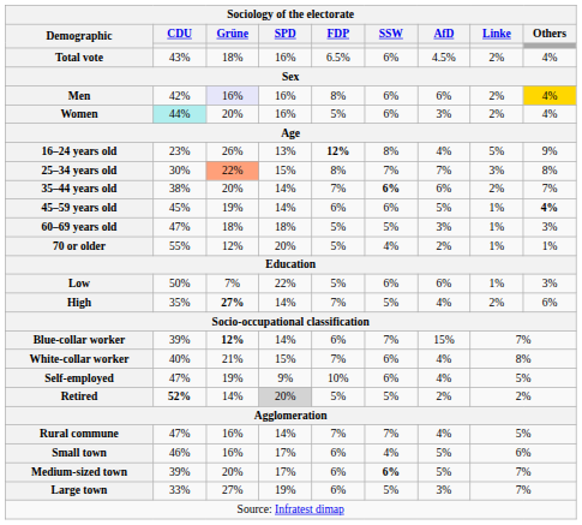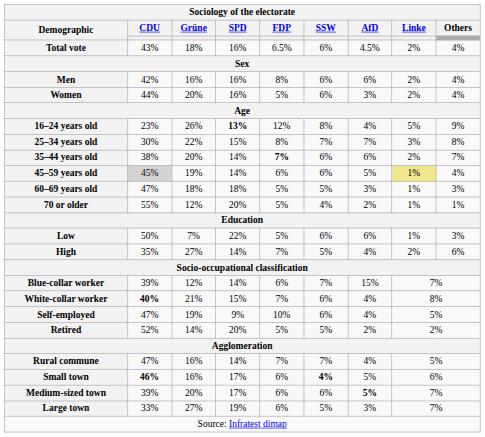 <table class="wikitable unsortable" style="font-size:90%;text-align:center;">
 <tr>
 <th colspan="10">Sociology of the electorate</th>
 </tr>
 <tr>
 <th scope="col" colspan="2" rowspan="2" class="unsortable" style="width:180px;">Demographic</th>
 <th scope="col" style="width:60px;"><a href='#'>CDU</a></th>
 <th scope="col" style="width:60px;"><a href='#'>Grüne</a></th>
 <th scope="col" style="width:60px;"><a href='#'>SPD</a></th>
 <th scope="col" style="width:60px;"><a href='#'>FDP</a></th>
 <th scope="col" style="width:60px;"><a href='#'>SSW</a></th>
 <th scope="col" style="width:60px;"><a href='#'>AfD</a></th>
 <th scope="col" style="width:60px;"><a href='#'>Linke</a></th>
 <th scope="col" style="width:60px;">Others</th>
 </tr>
 <tr>
 <th style="background-color: "></th>
 <th style="background-color: "></th>
 <th style="background-color: "></th>
 <th style="background-color: "></th>
 <th style="background-color: "></th>
 <th style="background-color: "></th>
 <th style="background-color: "></th>
 <th style="background-color: #a9a9a9"></th>
 </tr>
 <tr>
 <th colspan="2">Total vote</th>
 <td>43%</td>
 <td>18%</td>
 <td>16%</td>
 <td>6.5%</td>
 <td>6%</td>
 <td>4.5%</td>
 <td>2%</td>
 <td>4%</td>
 </tr>
 <tr class="sortbottom">
 <th colspan="10">Sex</th>
 </tr>
 <tr>
 <th colspan="2">Men</th>
 <td>42%</td>
-<td style="background: lavender;">16%</td>
+<td>16%</td>
 <td>16%</td>
 <td>8%</td>
 <td>6%</td>
 <td>6%</td>
 <td>2%</td>
-<td style="background: gold;">4%</td>
+<td>4%</td>
 </tr>
 <tr>
 <th colspan="2">Women</th>
-<td style="background: paleturquoise;">44%</td>
+<td>44%</td>
 <td>20%</td>
 <td>16%</td>
 <td>5%</td>
 <td>6%</td>
 <td>3%</td>
 <td>2%</td>
 <td>4%</td>
 </tr>
 <tr>
 <th colspan="10">Age</th>
 </tr>
 <tr>
 <th colspan="2">16–24 years old</th>
 <td>23%</td>
 <td>26%</td>
-<td>13%</td>
-<td><strong>12%</strong></td>
+<td><strong>13%</strong></td>
+<td>12%</td>
 <td>8%</td>
 <td>4%</td>
 <td>5%</td>
 <td>9%</td>
 </tr>
 <tr>
 <th colspan="2">25–34 years old</th>
 <td>30%</td>
-<td style="background: lightsalmon;">22%</td>
+<td>22%</td>
 <td>15%</td>
 <td>8%</td>
 <td>7%</td>
 <td>7%</td>
 <td>3%</td>
 <td>8%</td>
 </tr>
 <tr>
 <th colspan="2">35–44 years old</th>
 <td>38%</td>
 <td>20%</td>
 <td>14%</td>
-<td>7%</td>
-<td><strong>6%</strong></td>
+<td><strong>7%</strong></td>
+<td>6%</td>
 <td>6%</td>
 <td>2%</td>
 <td>7%</td>
 </tr>
 <tr>
 <th colspan="2">45–59 years old</th>
-<td>45%</td>
+<td style="background: lightgrey;">45%</td>
 <td>19%</td>
 <td>14%</td>
 <td>6%</td>
 <td>6%</td>
 <td>5%</td>
-<td>1%</td>
-<td><strong>4%</strong></td>
+<td style="background: khaki;">1%</td>
+<td>4%</td>
 </tr>
 <tr>
 <th colspan="2">60–69 years old</th>
 <td>47%</td>
 <td>18%</td>
 <td>18%</td>
 <td>5%</td>
 <td>5%</td>
 <td>3%</td>
 <td>1%</td>
 <td>3%</td>
 </tr>
 <tr>
 <th colspan="2">70 or older</th>
 <td>55%</td>
 <td>12%</td>
 <td>20%</td>
 <td>5%</td>
 <td>4%</td>
 <td>2%</td>
 <td>1%</td>
 <td>1%</td>
 </tr>
 <tr>
 <th colspan="10">Education</th>
 </tr>
 <tr>
 <th colspan="2">Low</th>
 <td>50%</td>
 <td>7%</td>
 <td>22%</td>
 <td>5%</td>
 <td>6%</td>
 <td>6%</td>
 <td>1%</td>
 <td>3%</td>
 </tr>
 <tr>
 <th colspan="2">High</th>
 <td>35%</td>
-<td><strong>27%</strong></td>
+<td>27%</td>
 <td>14%</td>
 <td>7%</td>
 <td>5%</td>
 <td>4%</td>
 <td>2%</td>
 <td>6%</td>
 </tr>
 <tr>
 <th colspan="10">Socio-occupational classification</th>
 </tr>
 <tr>
 <th colspan="2">Blue-collar worker</th>
 <td>39%</td>
-<td><strong>12%</strong></td>
+<td>12%</td>
 <td>14%</td>
 <td>6%</td>
 <td>7%</td>
 <td>15%</td>
 <td colspan=2>7%</td>
 </tr>
 <tr>
 <th colspan="2">White-collar worker</th>
-<td>40%</td>
+<td><strong>40%</strong></td>
 <td>21%</td>
 <td>15%</td>
 <td>7%</td>
 <td>6%</td>
 <td>4%</td>
 <td colspan=2>8%</td>
 </tr>
 <tr>
 <th colspan="2">Self-employed</th>
 <td>47%</td>
 <td>19%</td>
 <td>9%</td>
 <td>10%</td>
 <td>6%</td>
 <td>4%</td>
 <td colspan=2>5%</td>
 </tr>
 <tr>
 <th colspan="2">Retired</th>
-<td><strong>52%</strong></td>
+<td>52%</td>
 <td>14%</td>
-<td style="background: lightgrey;">20%</td>
+<td>20%</td>
 <td>5%</td>
 <td>5%</td>
 <td>2%</td>
 <td colspan=2>2%</td>
 </tr>
 <tr>
 <th colspan="10">Agglomeration</th>
 </tr>
 <tr>
 <th colspan="2">Rural commune</th>
 <td>47%</td>
 <td>16%</td>
 <td>14%</td>
 <td>7%</td>
 <td>7%</td>
 <td>4%</td>
 <td colspan=2>5%</td>
 </tr>
 <tr>
 <th colspan="2">Small town</th>
-<td>46%</td>
+<td><strong>46%</strong></td>
 <td>16%</td>
 <td>17%</td>
 <td>6%</td>
-<td>4%</td>
+<td><strong>4%</strong></td>
 <td>5%</td>
 <td colspan=2>6%</td>
 </tr>
 <tr>
 <th colspan="2">Medium-sized town</th>
 <td>39%</td>
 <td>20%</td>
 <td>17%</td>
 <td>6%</td>
-<td><strong>6%</strong></td>
-<td>5%</td>
+<td>6%</td>
+<td><strong>5%</strong></td>
 <td colspan=2>7%</td>
 </tr>
 <tr>
 <th colspan="2">Large town</th>
 <td>33%</td>
 <td>27%</td>
 <td>19%</td>
 <td>6%</td>
 <td>5%</td>
 <td>3%</td>
 <td colspan=2>7%</td>
 </tr>
 <tr class="sortbottom">
 <td colspan="14">Source: <a href='#'>Infratest dimap</a></td>
 </tr>
 </table>
